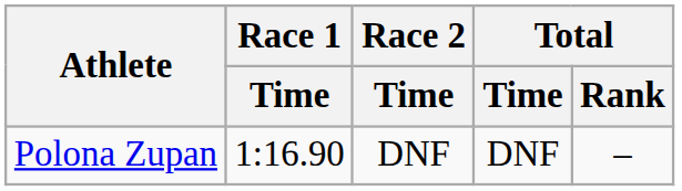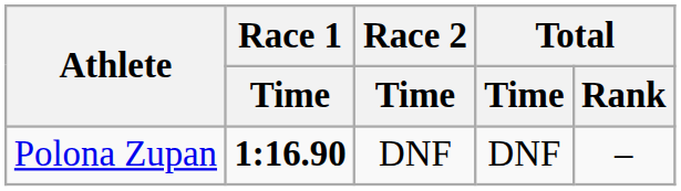 <table class="wikitable" style="font-size:90%">
 <tr>
 <th rowspan="2">Athlete</th>
 <th>Race 1</th>
 <th>Race 2</th>
 <th colspan="2">Total</th>
 </tr>
 <tr>
 <th>Time</th>
 <th>Time</th>
 <th>Time</th>
 <th>Rank</th>
 </tr>
 <tr>
 <td><a href='#'>Polona Zupan</a></td>
-<td align="center">1:16.90</td>
+<td align="center"><strong>1:16.90</strong></td>
 <td align="center">DNF</td>
 <td align="center">DNF</td>
 <td align="center">–</td>
 </tr>
 </table>
